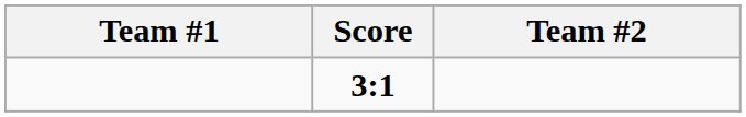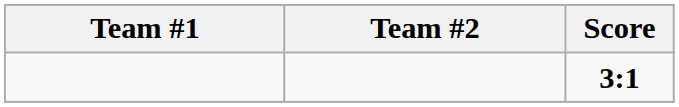 <table class="wikitable" style="text-align:center;">
 <tr>
 <th width=140>Team #1</th>
+<th width=140>Team #2</th>
 <th width=50>Score</th>
-<th width=140>Team #2</th>
 </tr>
 <tr>
 <td style="text-align:right;"><strong></strong></td>
+<td style="text-align:left;"></td>
 <td><strong>3:1</strong></td>
-<td style="text-align:left;"></td>
 </tr>
 </table>
